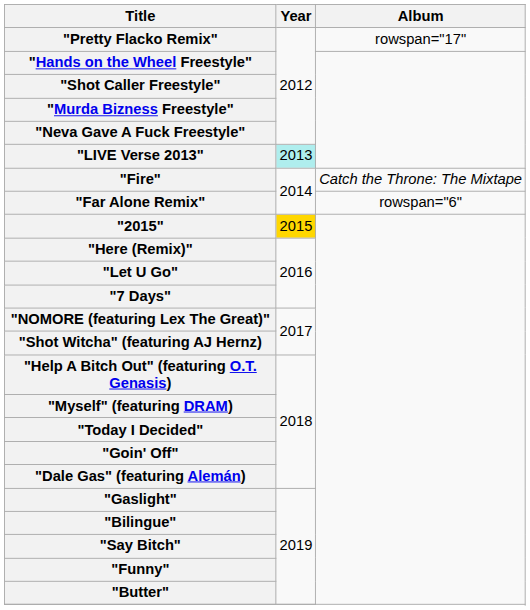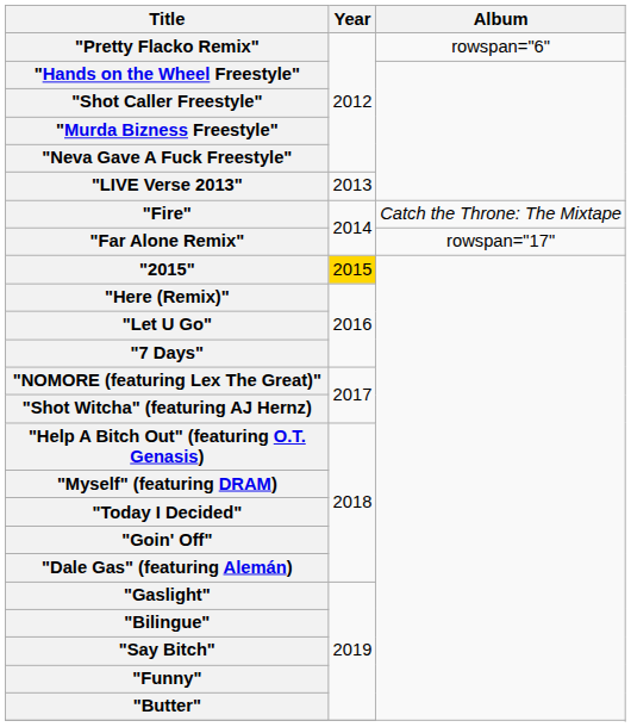 <table class="wikitable plainrowheaders" style="text-align:center;">
 <tr>
 <th scope="col" style="width:18em;">Title</th>
 <th scope="col">Year</th>
 <th scope="col">Album</th>
 </tr>
 <tr>
 <th scope="row">"Pretty Flacko Remix"</th>
 <td rowspan="5">2012</td>
-<td>rowspan="17" </td>
+<td>rowspan="6" </td>
 </tr>
 <tr>
 <th scope="row">"<a href='#'>Hands on the Wheel</a> Freestyle"</th>
 </tr>
 <tr>
 <th scope="row">"Shot Caller Freestyle"</th>
 </tr>
 <tr>
 <th scope="row">"<a href='#'>Murda Bizness</a> Freestyle"</th>
 </tr>
 <tr>
 <th scope="row">"Neva Gave A Fuck Freestyle"</th>
 </tr>
 <tr>
 <th scope="row">"LIVE Verse 2013"</th>
-<td style="background: paleturquoise;">2013</td>
+<td>2013</td>
 </tr>
 <tr>
 <th scope="row">"Fire"</th>
 <td rowspan="2">2014</td>
 <td><em>Catch the Throne: The Mixtape</em></td>
 </tr>
 <tr>
 <th scope="row">"Far Alone Remix"</th>
-<td>rowspan="6" </td>
+<td>rowspan="17" </td>
 </tr>
 <tr>
 <th scope="row">"2015"</th>
 <td style="background: gold;">2015</td>
 </tr>
 <tr>
 <th scope="row">"Here (Remix)"</th>
 <td rowspan="3">2016</td>
 </tr>
 <tr>
 <th scope="row">"Let U Go"</th>
 </tr>
 <tr>
 <th scope="row">"7 Days"</th>
 </tr>
 <tr>
 <th scope="row">"NOMORE (featuring Lex The Great)"</th>
 <td rowspan="2">2017</td>
 </tr>
 <tr>
 <th scope="row">"Shot Witcha" (featuring AJ Hernz)</th>
 </tr>
 <tr>
 <th scope="row">"Help A Bitch Out" (featuring <a href='#'>O.T. Genasis</a>)</th>
 <td rowspan="5">2018</td>
 </tr>
 <tr>
 <th scope="row">"Myself" (featuring <a href='#'>DRAM</a>)</th>
 </tr>
 <tr>
 <th scope="row">"Today I Decided"</th>
 </tr>
 <tr>
 <th scope="row">"Goin' Off"</th>
 </tr>
 <tr>
 <th scope="row">"Dale Gas" (featuring <a href='#'>Alemán</a>)</th>
 </tr>
 <tr>
 <th scope="row">"Gaslight"</th>
 <td rowspan="5">2019</td>
 </tr>
 <tr>
 <th scope="row">"Bilingue"</th>
 </tr>
 <tr>
 <th scope="row">"Say Bitch"</th>
 </tr>
 <tr>
 <th scope="row">"Funny"</th>
 </tr>
 <tr>
 <th scope="row">"Butter"</th>
 </tr>
 <tr>
 </tr>
 </table>
